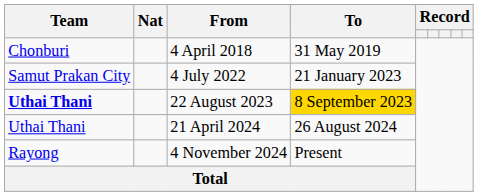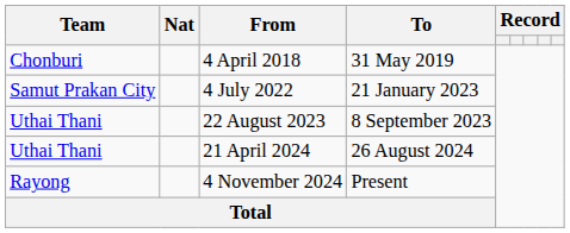 <table class="wikitable" style="text-align:center">
 <tr>
 <th rowspan="2">Team</th>
 <th rowspan="2">Nat</th>
 <th rowspan="2">From</th>
 <th rowspan="2">To</th>
 <th colspan="5">Record</th>
 </tr>
 <tr>
 <th></th>
 <th></th>
 <th></th>
 <th></th>
 <th></th>
 </tr>
 <tr>
 <td align=left><a href='#'>Chonburi</a></td>
 <td></td>
 <td align=left>4 April 2018</td>
 <td align=left>31 May 2019<br></td>
 </tr>
 <tr>
 <td align=left><a href='#'>Samut Prakan City</a></td>
 <td></td>
 <td align=left>4 July 2022</td>
 <td align=left>21 January 2023<br></td>
 </tr>
 <tr>
-<td align=left><strong><a href='#'>Uthai Thani</a></strong></td>
+<td align=left><a href='#'>Uthai Thani</a></td>
 <td></td>
 <td align=left>22 August 2023</td>
-<td align=left style="background: gold;">8 September 2023<br></td>
+<td align=left>8 September 2023<br></td>
 </tr>
 <tr>
 <td align=left><a href='#'>Uthai Thani</a></td>
 <td></td>
 <td align=left>21 April 2024</td>
 <td align=left>26 August 2024<br></td>
 </tr>
 <tr>
 <td align=left><a href='#'>Rayong</a></td>
 <td></td>
 <td align=left>4 November 2024</td>
 <td align=left>Present<br></td>
 </tr>
 <tr>
 <th colspan="4">Total<br></th>
 </tr>
 </table>
